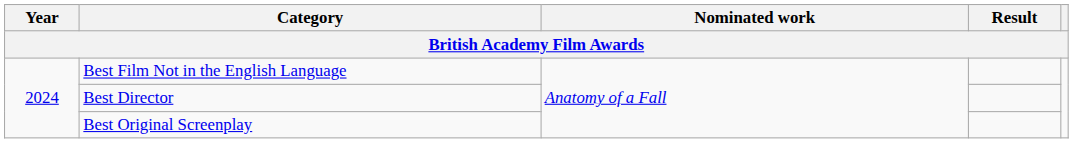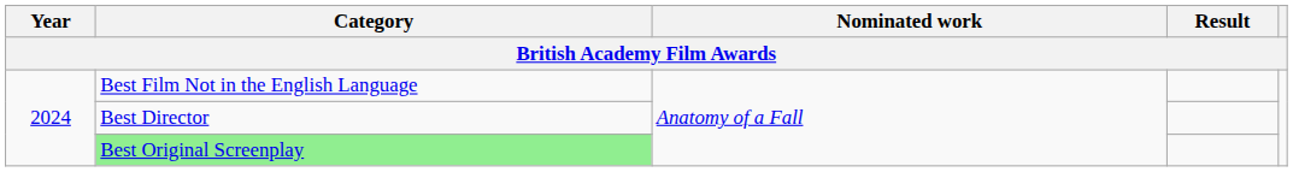 <table class=wikitable>
 <tr>
 <th scope="col" style="width:4em;">Year</th>
 <th scope="col" style="width:27em;">Category</th>
 <th scope="col" style="width:25em;">Nominated work</th>
 <th scope="col" style="width:5em;">Result</th>
 <th></th>
 </tr>
 <tr>
 <th colspan="5"><a href='#'>British Academy Film Awards</a></th>
 </tr>
 <tr>
 <td rowspan="3" style="text-align:center;"><a href='#'>2024</a></td>
 <td><a href='#'>Best Film Not in the English Language</a></td>
 <td rowspan="3"><em><a href='#'>Anatomy of a Fall</a></em></td>
 <td></td>
 <td rowspan="3" style="text-align:center;"></td>
 </tr>
 <tr>
 <td><a href='#'>Best Director</a></td>
 <td></td>
 </tr>
 <tr>
-<td><a href='#'>Best Original Screenplay</a></td>
+<td style="background: lightgreen;"><a href='#'>Best Original Screenplay</a></td>
 <td></td>
 </tr>
 </table>
